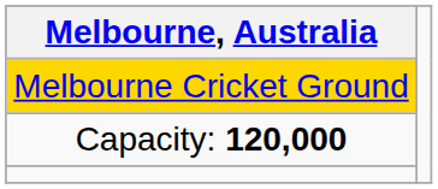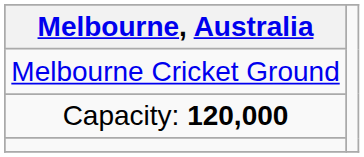 <table class="wikitable" style="text-align:center">
 <tr>
 <th><a href='#'>Melbourne</a>, <a href='#'>Australia</a></th>
 <td rowspan=4></td>
 </tr>
 <tr>
-<td style="background: gold;"><a href='#'>Melbourne Cricket Ground</a></td>
+<td><a href='#'>Melbourne Cricket Ground</a></td>
 </tr>
 <tr>
 <td>Capacity: <strong>120,000</strong></td>
 </tr>
 <tr>
 <td></td>
 </tr>
 </table>
